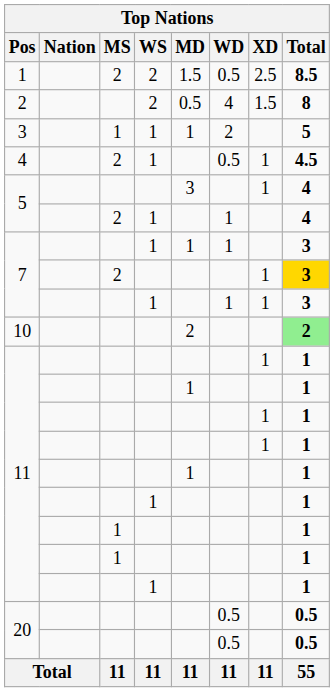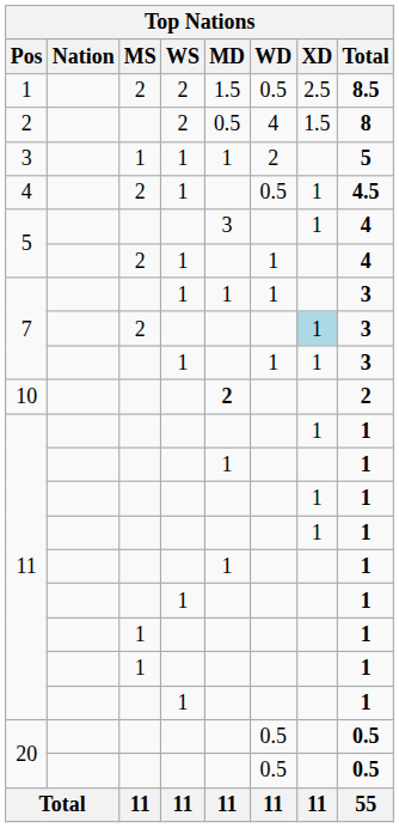 <table class="wikitable" style="text-align:center">
 <tr>
 <th colspan="10">Top Nations</th>
 </tr>
 <tr>
 <th>Pos</th>
 <th>Nation</th>
 <th>MS</th>
 <th>WS</th>
 <th>MD</th>
 <th>WD</th>
 <th>XD</th>
 <th>Total</th>
 </tr>
 <tr>
 <td>1</td>
 <td align="left"></td>
 <td>2</td>
 <td>2</td>
 <td>1.5</td>
 <td>0.5</td>
 <td>2.5</td>
 <td><strong>8.5</strong></td>
 </tr>
 <tr>
 <td>2</td>
 <td align="left"><strong></strong></td>
 <td></td>
 <td>2</td>
 <td>0.5</td>
 <td>4</td>
 <td>1.5</td>
 <td><strong>8</strong></td>
 </tr>
 <tr>
 <td>3</td>
 <td align="left"></td>
 <td>1</td>
 <td>1</td>
 <td>1</td>
 <td>2</td>
 <td></td>
 <td><strong>5</strong></td>
 </tr>
 <tr>
 <td>4</td>
 <td align="left"></td>
 <td>2</td>
 <td>1</td>
 <td></td>
 <td>0.5</td>
 <td>1</td>
 <td><strong>4.5</strong></td>
 </tr>
 <tr>
 <td rowspan="2">5</td>
 <td align="left"></td>
 <td></td>
 <td></td>
 <td>3</td>
 <td></td>
 <td>1</td>
 <td><strong>4</strong></td>
 </tr>
 <tr>
 <td align="left"></td>
 <td>2</td>
 <td>1</td>
 <td></td>
 <td>1</td>
 <td></td>
 <td><strong>4</strong></td>
 </tr>
 <tr>
 <td rowspan="3">7</td>
 <td align="left"></td>
 <td></td>
 <td>1</td>
 <td>1</td>
 <td>1</td>
 <td></td>
 <td><strong>3</strong></td>
 </tr>
 <tr>
 <td align="left"></td>
 <td>2</td>
 <td></td>
 <td></td>
 <td></td>
-<td>1</td>
-<td style="background: gold;"><strong>3</strong></td>
+<td style="background: lightblue;">1</td>
+<td><strong>3</strong></td>
 </tr>
 <tr>
 <td align="left"></td>
 <td></td>
 <td>1</td>
 <td></td>
 <td>1</td>
 <td>1</td>
 <td><strong>3</strong></td>
 </tr>
 <tr>
 <td>10</td>
 <td align="left"></td>
 <td></td>
 <td></td>
-<td>2</td>
+<td><strong>2</strong></td>
 <td></td>
 <td></td>
-<td style="background: lightgreen;"><strong>2</strong></td>
+<td><strong>2</strong></td>
 </tr>
 <tr>
 <td rowspan="9">11</td>
 <td align="left"></td>
 <td></td>
 <td></td>
 <td></td>
 <td></td>
 <td>1</td>
 <td><strong>1</strong></td>
 </tr>
 <tr>
 <td align="left"></td>
 <td></td>
 <td></td>
 <td>1</td>
 <td></td>
 <td></td>
 <td><strong>1</strong></td>
 </tr>
 <tr>
 <td align="left"></td>
 <td></td>
 <td></td>
 <td></td>
 <td></td>
 <td>1</td>
 <td><strong>1</strong></td>
 </tr>
 <tr>
 <td align="left"></td>
 <td></td>
 <td></td>
 <td></td>
 <td></td>
 <td>1</td>
 <td><strong>1</strong></td>
 </tr>
 <tr>
 <td align="left"></td>
 <td></td>
 <td></td>
 <td>1</td>
 <td></td>
 <td></td>
 <td><strong>1</strong></td>
 </tr>
 <tr>
 <td align="left"></td>
 <td></td>
 <td>1</td>
 <td></td>
 <td></td>
 <td></td>
 <td><strong>1</strong></td>
 </tr>
 <tr>
 <td align="left"></td>
 <td>1</td>
 <td></td>
 <td></td>
 <td></td>
 <td></td>
 <td><strong>1</strong></td>
 </tr>
 <tr>
 <td align="left"></td>
 <td>1</td>
 <td></td>
 <td></td>
 <td></td>
 <td></td>
 <td><strong>1</strong></td>
 </tr>
 <tr>
 <td align="left"></td>
 <td></td>
 <td>1</td>
 <td></td>
 <td></td>
 <td></td>
 <td><strong>1</strong></td>
 </tr>
 <tr>
 <td rowspan="2">20</td>
 <td align="left"></td>
 <td></td>
 <td></td>
 <td></td>
 <td>0.5</td>
 <td></td>
 <td><strong>0.5</strong></td>
 </tr>
 <tr>
 <td align="left"></td>
 <td></td>
 <td></td>
 <td></td>
 <td>0.5</td>
 <td></td>
 <td><strong>0.5</strong></td>
 </tr>
 <tr>
 <th colspan="2">Total</th>
 <th>11</th>
 <th>11</th>
 <th>11</th>
 <th>11</th>
 <th>11</th>
 <th>55</th>
 </tr>
 </table>
